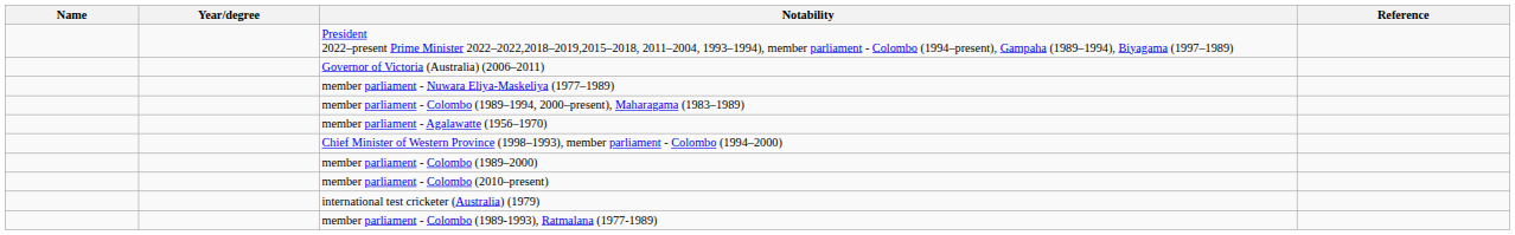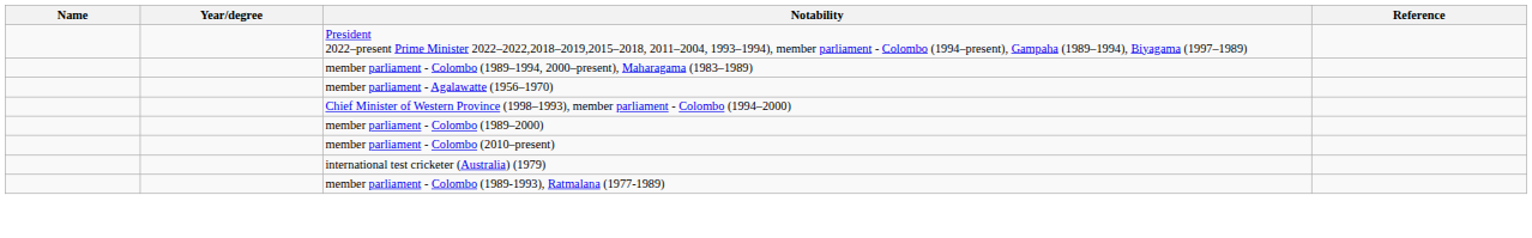 <table class="wikitable sortable" style="width:100%">
 <tr>
 <th style="width:*;">Name</th>
 <th style="width:12%;">Year/degree</th>
 <th style="width:65%;" class="unsortable">Notability</th>
 <th style="width:*;" class="unsortable">Reference</th>
 </tr>
 <tr>
 <td></td>
 <td style="text-align:center;"></td>
 <td><a href='#'>President</a><br>2022–present  <a href='#'>Prime Minister</a> 2022–2022,2018–2019,2015–2018, 2011–2004, 1993–1994), member <a href='#'>parliament</a> - <a href='#'>Colombo</a> (1994–present), <a href='#'>Gampaha</a> (1989–1994), <a href='#'>Biyagama</a> (1997–1989)</td>
-<td style="text-align:center;"></td>
-</tr>
-<tr>
-<td></td>
-<td style="text-align:center;"></td>
-<td><a href='#'>Governor of Victoria</a> (Australia) (2006–2011)</td>
-<td style="text-align:center;"></td>
-</tr>
-<tr>
-<td></td>
-<td style="text-align:center;"></td>
-<td>member <a href='#'>parliament</a> - <a href='#'>Nuwara Eliya-Maskeliya</a> (1977–1989)</td>
 <td style="text-align:center;"></td>
 </tr>
 <tr>
 <td></td>
 <td style="text-align:center;"></td>
 <td>member <a href='#'>parliament</a> - <a href='#'>Colombo</a> (1989–1994, 2000–present), <a href='#'>Maharagama</a> (1983–1989)</td>
 <td style="text-align:center;"></td>
 </tr>
 <tr>
 <td></td>
 <td style="text-align:center;"></td>
 <td>member <a href='#'>parliament</a> - <a href='#'>Agalawatte</a> (1956–1970)</td>
 <td style="text-align:center;"></td>
 </tr>
 <tr>
 <td></td>
 <td style="text-align:center;"></td>
 <td><a href='#'>Chief Minister of Western Province</a> (1998–1993), member <a href='#'>parliament</a> - <a href='#'>Colombo</a> (1994–2000)</td>
 <td style="text-align:center;"></td>
 </tr>
 <tr>
 <td></td>
 <td style="text-align:center;"></td>
 <td>member <a href='#'>parliament</a> - <a href='#'>Colombo</a> (1989–2000)</td>
 <td style="text-align:center;"></td>
 </tr>
 <tr>
 <td></td>
 <td style="text-align:center;"></td>
 <td>member <a href='#'>parliament</a> - <a href='#'>Colombo</a> (2010–present)</td>
 <td style="text-align:center;"></td>
 </tr>
 <tr>
 <td></td>
 <td style="text-align:center;"></td>
 <td>international test cricketer (<a href='#'>Australia</a>) (1979)</td>
 <td style="text-align:center;"></td>
 </tr>
 <tr>
 <td></td>
 <td style="text-align:center;"></td>
 <td>member <a href='#'>parliament</a> - <a href='#'>Colombo</a> (1989-1993), <a href='#'>Ratmalana</a> (1977-1989)</td>
 <td style="text-align:center;"></td>
 </tr>
 </table>
